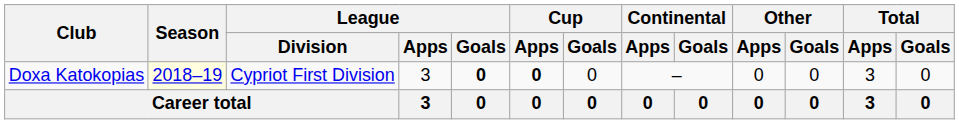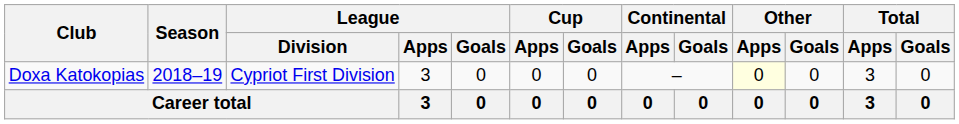 <table class="wikitable" style="text-align: center">
 <tr>
 <th rowspan="2">Club</th>
 <th rowspan="2">Season</th>
 <th colspan="3">League</th>
 <th colspan="2">Cup</th>
 <th colspan="2">Continental</th>
 <th colspan="2">Other</th>
 <th colspan="2">Total</th>
 </tr>
 <tr>
 <th>Division</th>
 <th>Apps</th>
 <th>Goals</th>
 <th>Apps</th>
 <th>Goals</th>
 <th>Apps</th>
 <th>Goals</th>
 <th>Apps</th>
 <th>Goals</th>
 <th>Apps</th>
 <th>Goals</th>
 </tr>
 <tr>
 <td><a href='#'>Doxa Katokopias</a></td>
-<td style="background: lightyellow;"><a href='#'>2018–19</a></td>
+<td><a href='#'>2018–19</a></td>
 <td><a href='#'>Cypriot First Division</a></td>
 <td>3</td>
-<td><strong>0</strong></td>
-<td><strong>0</strong></td>
+<td>0</td>
+<td>0</td>
 <td>0</td>
 <td colspan="2">–</td>
-<td>0</td>
+<td style="background: lightyellow;">0</td>
 <td>0</td>
 <td>3</td>
 <td>0</td>
 </tr>
 <tr>
 <th colspan="3"><strong>Career total</strong></th>
 <th>3</th>
 <th>0</th>
 <th>0</th>
 <th>0</th>
 <th>0</th>
 <th>0</th>
 <th>0</th>
 <th>0</th>
 <th>3</th>
 <th>0</th>
 </tr>
 </table>
